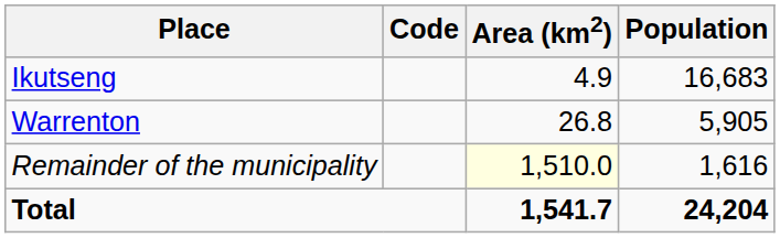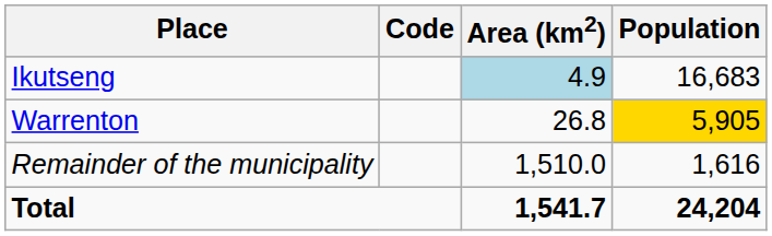 <table class="wikitable sortable">
 <tr>
 <th>Place</th>
 <th>Code</th>
 <th>Area (km<sup>2</sup>)</th>
 <th>Population</th>
 </tr>
 <tr>
 <td><a href='#'>Ikutseng</a></td>
 <td></td>
-<td align=right>4.9</td>
+<td align=right style="background: lightblue;">4.9</td>
 <td align=right>16,683</td>
 </tr>
 <tr>
 <td><a href='#'>Warrenton</a></td>
 <td></td>
 <td align=right>26.8</td>
-<td align=right>5,905</td>
+<td align=right style="background: gold;">5,905</td>
 </tr>
 <tr>
 <td><em>Remainder of the municipality</em></td>
 <td></td>
-<td align=right style="background: lightyellow;">1,510.0</td>
+<td align=right>1,510.0</td>
 <td align=right>1,616</td>
 </tr>
 <tr class=sortbottom>
 <td colspan=2><strong>Total</strong></td>
 <td align=right><strong>1,541.7</strong></td>
 <td align=right><strong>24,204</strong></td>
 </tr>
 </table>
